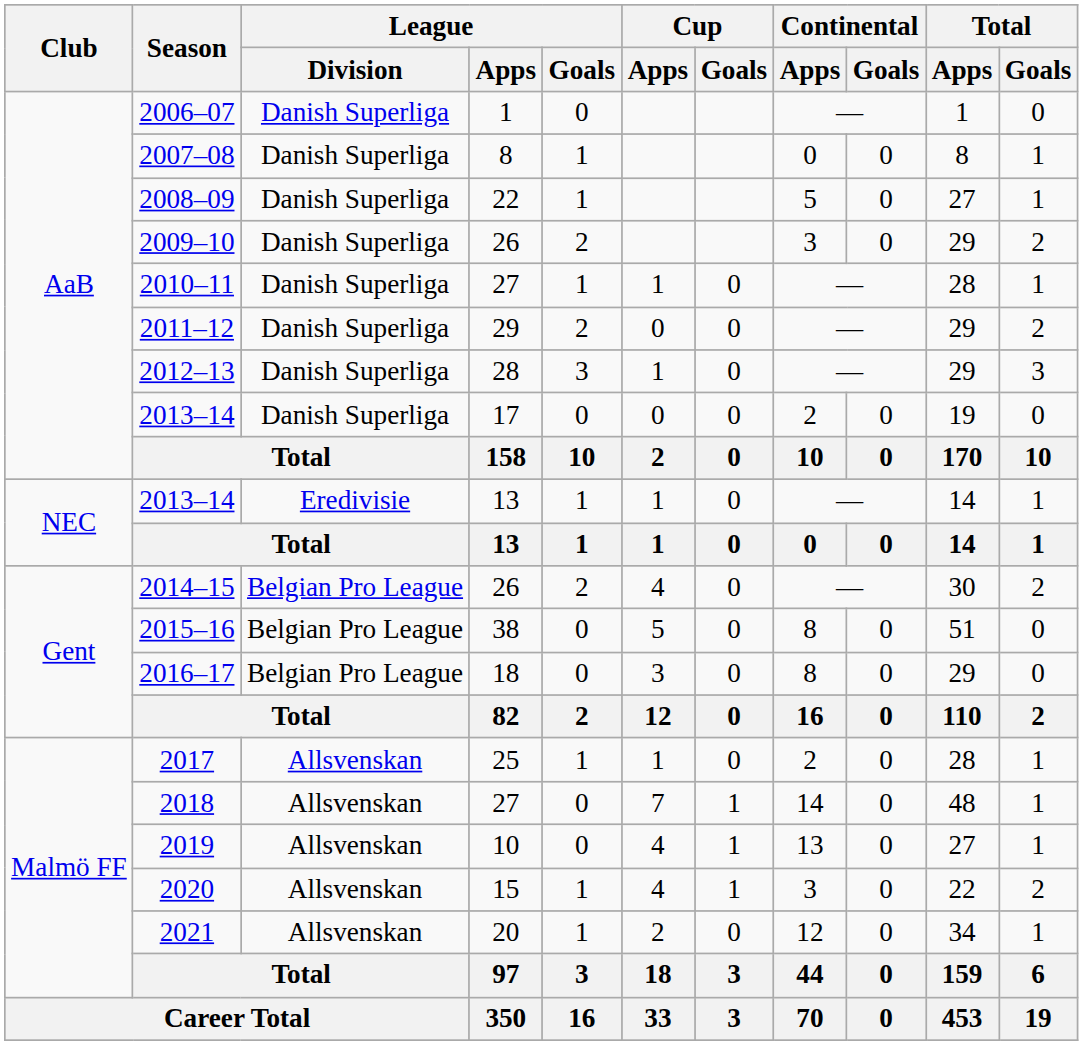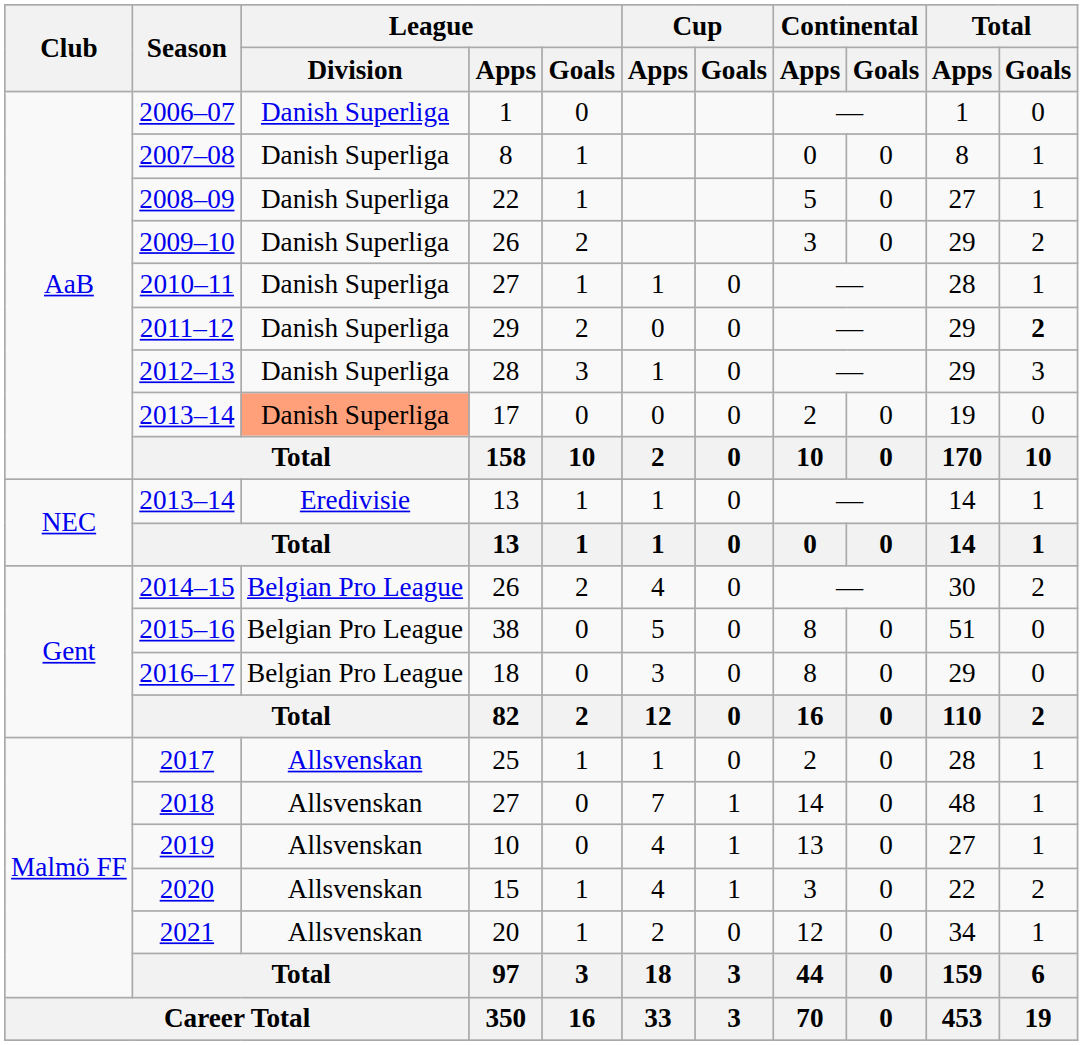 <table class="wikitable" style="text-align: center;">
 <tr>
 <th rowspan="2">Club</th>
 <th rowspan="2">Season</th>
 <th colspan="3">League</th>
 <th colspan="2">Cup</th>
 <th colspan="2">Continental</th>
 <th colspan="2">Total</th>
 </tr>
 <tr>
 <th>Division</th>
 <th>Apps</th>
 <th>Goals</th>
 <th>Apps</th>
 <th>Goals</th>
 <th>Apps</th>
 <th>Goals</th>
 <th>Apps</th>
 <th>Goals</th>
 </tr>
 <tr>
 <td rowspan="9" valign="center"><a href='#'>AaB</a></td>
 <td><a href='#'>2006–07</a></td>
 <td valign="center"><a href='#'>Danish Superliga</a></td>
 <td>1</td>
 <td>0</td>
 <td></td>
 <td></td>
 <td colspan="2">—</td>
 <td>1</td>
 <td>0</td>
 </tr>
 <tr>
 <td><a href='#'>2007–08</a></td>
 <td>Danish Superliga</td>
 <td>8</td>
 <td>1</td>
 <td></td>
 <td></td>
 <td>0</td>
 <td>0</td>
 <td>8</td>
 <td>1</td>
 </tr>
 <tr>
 <td><a href='#'>2008–09</a></td>
 <td>Danish Superliga</td>
 <td>22</td>
 <td>1</td>
 <td></td>
 <td></td>
 <td>5</td>
 <td>0</td>
 <td>27</td>
 <td>1</td>
 </tr>
 <tr>
 <td><a href='#'>2009–10</a></td>
 <td>Danish Superliga</td>
 <td>26</td>
 <td>2</td>
 <td></td>
 <td></td>
 <td>3</td>
 <td>0</td>
 <td>29</td>
 <td>2</td>
 </tr>
 <tr>
 <td><a href='#'>2010–11</a></td>
 <td>Danish Superliga</td>
 <td>27</td>
 <td>1</td>
 <td>1</td>
 <td>0</td>
 <td colspan="2">—</td>
 <td>28</td>
 <td>1</td>
 </tr>
 <tr>
 <td><a href='#'>2011–12</a></td>
 <td>Danish Superliga</td>
 <td>29</td>
 <td>2</td>
 <td>0</td>
 <td>0</td>
 <td colspan="2">—</td>
 <td>29</td>
-<td>2</td>
+<td><strong>2</strong></td>
 </tr>
 <tr>
 <td><a href='#'>2012–13</a></td>
 <td>Danish Superliga</td>
 <td>28</td>
 <td>3</td>
 <td>1</td>
 <td>0</td>
 <td colspan="2">—</td>
 <td>29</td>
 <td>3</td>
 </tr>
 <tr>
 <td><a href='#'>2013–14</a></td>
-<td>Danish Superliga</td>
+<td style="background: lightsalmon;">Danish Superliga</td>
 <td>17</td>
 <td>0</td>
 <td>0</td>
 <td>0</td>
 <td>2</td>
 <td>0</td>
 <td>19</td>
 <td>0</td>
 </tr>
 <tr>
 <th colspan="2">Total</th>
 <th>158</th>
 <th>10</th>
 <th>2</th>
 <th>0</th>
 <th>10</th>
 <th>0</th>
 <th>170</th>
 <th>10</th>
 </tr>
 <tr>
 <td rowspan="2" valign="center"><a href='#'>NEC</a></td>
 <td><a href='#'>2013–14</a></td>
 <td><a href='#'>Eredivisie</a></td>
 <td>13</td>
 <td>1</td>
 <td>1</td>
 <td>0</td>
 <td colspan="2">—</td>
 <td>14</td>
 <td>1</td>
 </tr>
 <tr>
 <th colspan="2">Total</th>
 <th>13</th>
 <th>1</th>
 <th>1</th>
 <th>0</th>
 <th>0</th>
 <th>0</th>
 <th>14</th>
 <th>1</th>
 </tr>
 <tr>
 <td rowspan="4" valign="center"><a href='#'>Gent</a></td>
 <td><a href='#'>2014–15</a></td>
 <td valign="center"><a href='#'>Belgian Pro League</a></td>
 <td>26</td>
 <td>2</td>
 <td>4</td>
 <td>0</td>
 <td colspan="2">—</td>
 <td>30</td>
 <td>2</td>
 </tr>
 <tr>
 <td><a href='#'>2015–16</a></td>
 <td>Belgian Pro League</td>
 <td>38</td>
 <td>0</td>
 <td>5</td>
 <td>0</td>
 <td>8</td>
 <td>0</td>
 <td>51</td>
 <td>0</td>
 </tr>
 <tr>
 <td><a href='#'>2016–17</a></td>
 <td>Belgian Pro League</td>
 <td>18</td>
 <td>0</td>
 <td>3</td>
 <td>0</td>
 <td>8</td>
 <td>0</td>
 <td>29</td>
 <td>0</td>
 </tr>
 <tr>
 <th colspan="2">Total</th>
 <th>82</th>
 <th>2</th>
 <th>12</th>
 <th>0</th>
 <th>16</th>
 <th>0</th>
 <th>110</th>
 <th>2</th>
 </tr>
 <tr>
 <td rowspan="6" valign="center"><a href='#'>Malmö FF</a></td>
 <td><a href='#'>2017</a></td>
 <td valign="center"><a href='#'>Allsvenskan</a></td>
 <td>25</td>
 <td>1</td>
 <td>1</td>
 <td>0</td>
 <td>2</td>
 <td>0</td>
 <td>28</td>
 <td>1</td>
 </tr>
 <tr>
 <td><a href='#'>2018</a></td>
 <td>Allsvenskan</td>
 <td>27</td>
 <td>0</td>
 <td>7</td>
 <td>1</td>
 <td>14</td>
 <td>0</td>
 <td>48</td>
 <td>1</td>
 </tr>
 <tr>
 <td><a href='#'>2019</a></td>
 <td>Allsvenskan</td>
 <td>10</td>
 <td>0</td>
 <td>4</td>
 <td>1</td>
 <td>13</td>
 <td>0</td>
 <td>27</td>
 <td>1</td>
 </tr>
 <tr>
 <td><a href='#'>2020</a></td>
 <td>Allsvenskan</td>
 <td>15</td>
 <td>1</td>
 <td>4</td>
 <td>1</td>
 <td>3</td>
 <td>0</td>
 <td>22</td>
 <td>2</td>
 </tr>
 <tr>
 <td><a href='#'>2021</a></td>
 <td>Allsvenskan</td>
 <td>20</td>
 <td>1</td>
 <td>2</td>
 <td>0</td>
 <td>12</td>
 <td>0</td>
 <td>34</td>
 <td>1</td>
 </tr>
 <tr>
 <th colspan="2">Total</th>
 <th>97</th>
 <th>3</th>
 <th>18</th>
 <th>3</th>
 <th>44</th>
 <th>0</th>
 <th>159</th>
 <th>6</th>
 </tr>
 <tr>
 <th colspan="3">Career Total</th>
 <th>350</th>
 <th>16</th>
 <th>33</th>
 <th>3</th>
 <th>70</th>
 <th>0</th>
 <th>453</th>
 <th>19</th>
 </tr>
 </table>
